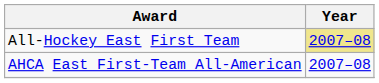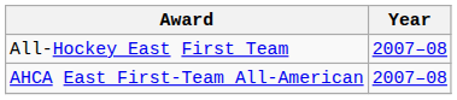 <table class="wikitable">
 <tr>
 <th>Award</th>
 <th>Year</th>
 </tr>
 <tr>
 <td>All-<a href='#'>Hockey East</a> <a href='#'>First Team</a></td>
-<td style="background: khaki;"><a href='#'>2007–08</a></td>
+<td><a href='#'>2007–08</a></td>
 </tr>
 <tr>
 <td><a href='#'>AHCA</a> <a href='#'>East First-Team All-American</a></td>
 <td><a href='#'>2007–08</a></td>
 </tr>
 <tr>
 </tr>
 </table>
